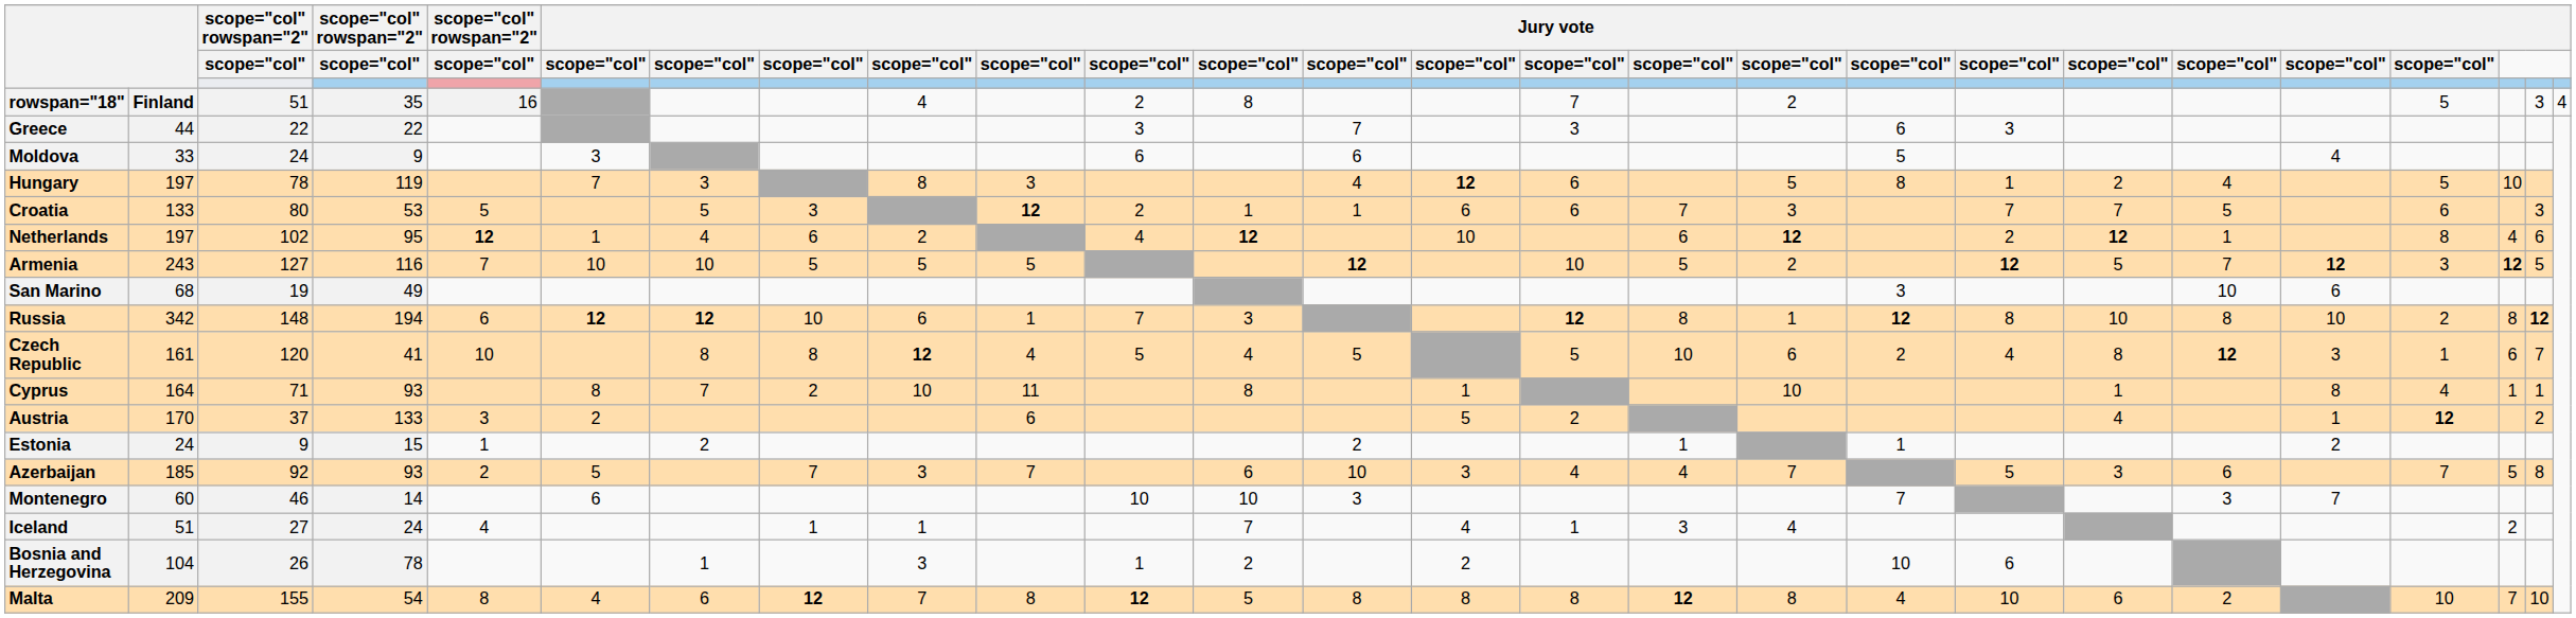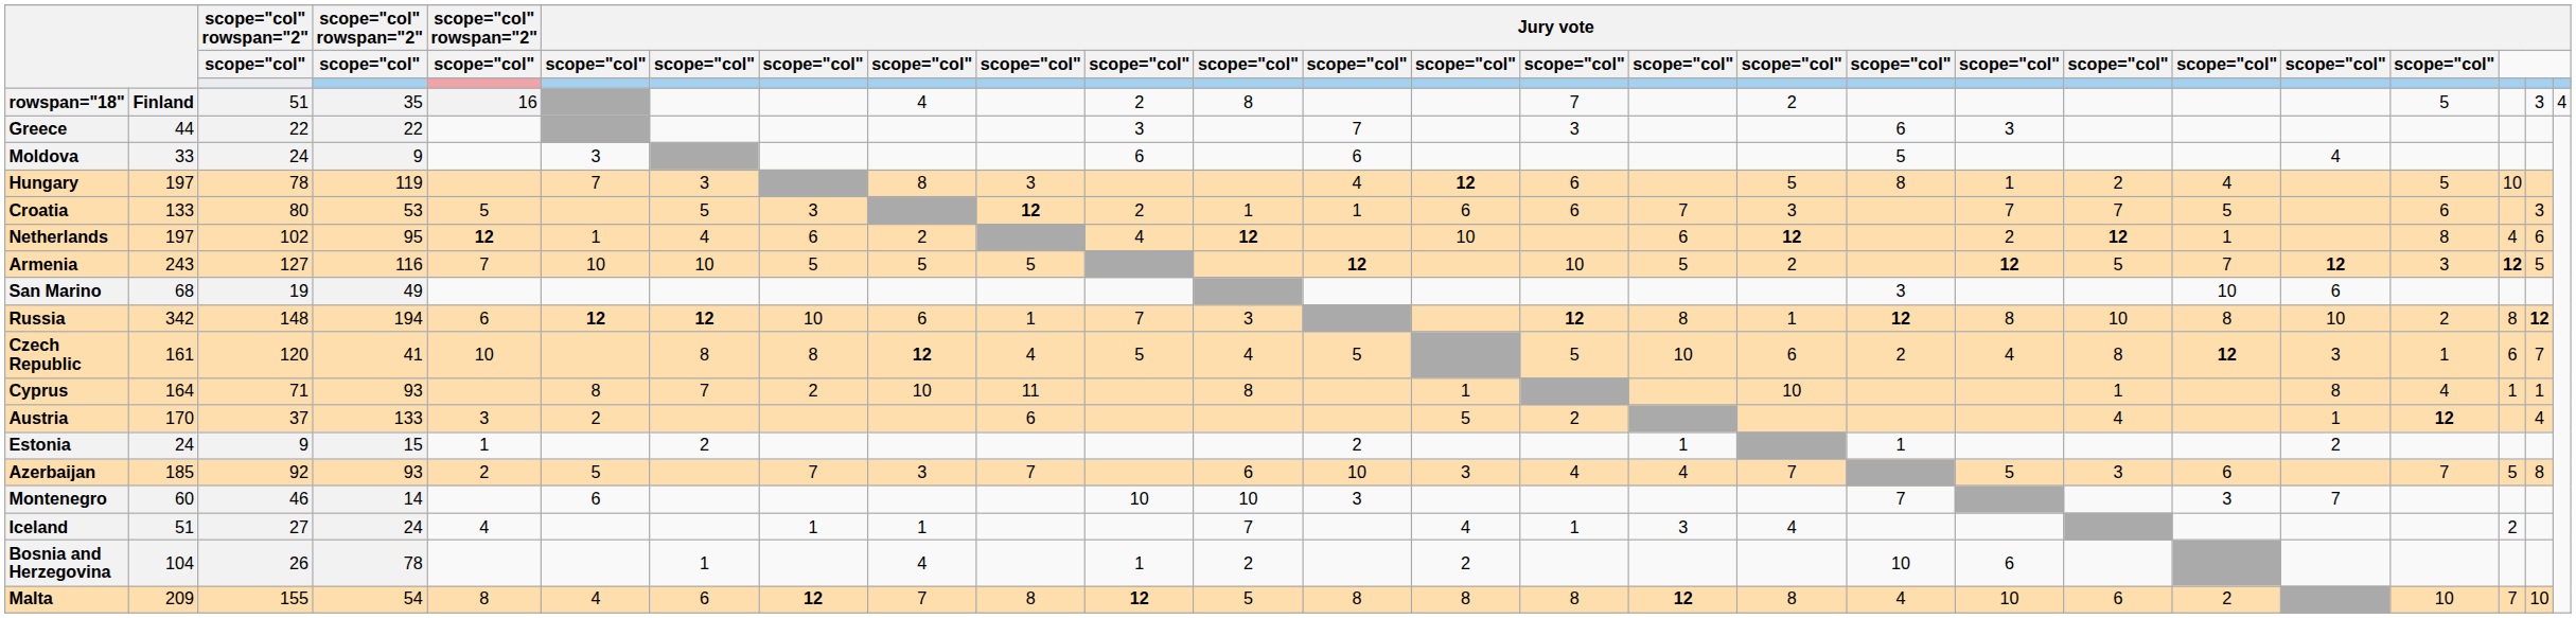 <table class="wikitable plainrowheaders" style="text-align:center; font-size:85%;">
 <tr>
 </tr>
 <tr>
 <td colspan="2" rowspan="3" style="background: #F2F2F2;"></td>
 <th>scope="col" rowspan="2" </th>
 <th>scope="col" rowspan="2" </th>
 <th>scope="col" rowspan="2" </th>
 <th scope="col" colspan="21">Jury vote</th>
 </tr>
 <tr>
 <th>scope="col" </th>
 <th>scope="col" </th>
 <th>scope="col" </th>
 <th>scope="col" </th>
 <th>scope="col" </th>
 <th>scope="col" </th>
 <th>scope="col" </th>
 <th>scope="col" </th>
 <th>scope="col" </th>
 <th>scope="col" </th>
 <th>scope="col" </th>
 <th>scope="col" </th>
 <th>scope="col" </th>
 <th>scope="col" </th>
 <th>scope="col" </th>
 <th>scope="col" </th>
 <th>scope="col" </th>
 <th>scope="col" </th>
 <th>scope="col" </th>
 <th>scope="col" </th>
 <th>scope="col" </th>
 </tr>
 <tr>
 <td style="height:2px; background:#eaecf0; border-top:1px solid transparent;"></td>
 <td style="background:#A4D1EF;"></td>
 <td style="background:#EFA4A9;"></td>
 <th style="background:#A4D1EF;"></th>
 <th style="background:#A4D1EF;"></th>
 <th style="background:#A4D1EF;"></th>
 <th style="background:#A4D1EF;"></th>
 <th style="background:#A4D1EF;"></th>
 <th style="background:#A4D1EF;"></th>
 <th style="background:#A4D1EF;"></th>
 <th style="background:#A4D1EF;"></th>
 <th style="background:#A4D1EF;"></th>
 <th style="background:#A4D1EF;"></th>
 <th style="background:#A4D1EF;"></th>
 <th style="background:#A4D1EF;"></th>
 <th style="background:#A4D1EF;"></th>
 <th style="background:#A4D1EF;"></th>
 <th style="background:#A4D1EF;"></th>
 <th style="background:#A4D1EF;"></th>
 <th style="background:#A4D1EF;"></th>
 <th style="background:#A4D1EF;"></th>
 <th style="background:#A4D1EF;"></th>
 <th style="background:#A4D1EF;"></th>
 <th style="background:#A4D1EF;"></th>
 </tr>
 <tr>
 <th>rowspan="18" </th>
 <th scope="row" style="text-align:left; background:#f2f2f2;">Finland</th>
 <td style="text-align:right; background:#f2f2f2;">51</td>
 <td style="text-align:right; background:#f2f2f2;">35</td>
 <td style="text-align:right; background:#f2f2f2;">16</td>
 <td style="background:#AAAAAA;"></td>
 <td></td>
 <td></td>
 <td>4</td>
 <td></td>
 <td>2</td>
 <td>8</td>
 <td></td>
 <td></td>
 <td>7</td>
 <td></td>
 <td>2</td>
 <td></td>
 <td></td>
 <td></td>
 <td></td>
 <td></td>
 <td>5</td>
 <td></td>
 <td>3</td>
 <td>4</td>
 </tr>
 <tr>
 <th scope="row" style="text-align:left; background:#f2f2f2;">Greece</th>
 <td style="text-align:right; background:#f2f2f2;">44</td>
 <td style="text-align:right; background:#f2f2f2;">22</td>
 <td style="text-align:right; background:#f2f2f2;">22</td>
 <td></td>
 <td style="background:#AAAAAA;"></td>
 <td></td>
 <td></td>
 <td></td>
 <td></td>
 <td>3</td>
 <td></td>
 <td>7</td>
 <td></td>
 <td>3</td>
 <td></td>
 <td></td>
 <td>6</td>
 <td>3</td>
 <td></td>
 <td></td>
 <td></td>
 <td></td>
 <td></td>
 <td></td>
 </tr>
 <tr>
 <th scope="row" style="text-align:left; background:#f2f2f2;">Moldova</th>
 <td style="text-align:right; background:#f2f2f2;">33</td>
 <td style="text-align:right; background:#f2f2f2;">24</td>
 <td style="text-align:right; background:#f2f2f2;">9</td>
 <td></td>
 <td>3</td>
 <td style="background:#AAAAAA;"></td>
 <td></td>
 <td></td>
 <td></td>
 <td>6</td>
 <td></td>
 <td>6</td>
 <td></td>
 <td></td>
 <td></td>
 <td></td>
 <td>5</td>
 <td></td>
 <td></td>
 <td></td>
 <td>4</td>
 <td></td>
 <td></td>
 <td></td>
 </tr>
 <tr style="background:#ffdead;">
 <td scope="row" style="text-align:left; font-weight:bold; background:#ffdead;">Hungary</td>
 <td style="text-align:right;">197</td>
 <td style="text-align:right;">78</td>
 <td style="text-align:right;">119</td>
 <td></td>
 <td>7</td>
 <td>3</td>
 <td style="background:#AAAAAA;"></td>
 <td>8</td>
 <td>3</td>
 <td></td>
 <td></td>
 <td>4</td>
 <td><strong>12</strong></td>
 <td>6</td>
 <td></td>
 <td>5</td>
 <td>8</td>
 <td>1</td>
 <td>2</td>
 <td>4</td>
 <td></td>
 <td>5</td>
 <td>10</td>
 <td></td>
 </tr>
 <tr style="background:#ffdead;">
 <td scope="row" style="text-align:left; font-weight:bold; background:#ffdead;">Croatia</td>
 <td style="text-align:right;">133</td>
 <td style="text-align:right;">80</td>
 <td style="text-align:right;">53</td>
 <td>5</td>
 <td></td>
 <td>5</td>
 <td>3</td>
 <td style="background:#AAAAAA;"></td>
 <td><strong>12</strong></td>
 <td>2</td>
 <td>1</td>
 <td>1</td>
 <td>6</td>
 <td>6</td>
 <td>7</td>
 <td>3</td>
 <td></td>
 <td>7</td>
 <td>7</td>
 <td>5</td>
 <td></td>
 <td>6</td>
 <td></td>
 <td>3</td>
 </tr>
 <tr style="background:#ffdead;">
 <td scope="row" style="text-align:left; font-weight:bold; background:#ffdead;">Netherlands</td>
 <td style="text-align:right;">197</td>
 <td style="text-align:right;">102</td>
 <td style="text-align:right;">95</td>
 <td><strong>12</strong></td>
 <td>1</td>
 <td>4</td>
 <td>6</td>
 <td>2</td>
 <td style="background:#AAAAAA;"></td>
 <td>4</td>
 <td><strong>12</strong></td>
 <td></td>
 <td>10</td>
 <td></td>
 <td>6</td>
 <td><strong>12</strong></td>
 <td></td>
 <td>2</td>
 <td><strong>12</strong></td>
 <td>1</td>
 <td></td>
 <td>8</td>
 <td>4</td>
 <td>6</td>
 </tr>
 <tr style="background:#ffdead;">
 <td scope="row" style="text-align:left; font-weight:bold; background:#ffdead;">Armenia</td>
 <td style="text-align:right;">243</td>
 <td style="text-align:right;">127</td>
 <td style="text-align:right;">116</td>
 <td>7</td>
 <td>10</td>
 <td>10</td>
 <td>5</td>
 <td>5</td>
 <td>5</td>
 <td style="background:#AAAAAA;"></td>
 <td></td>
 <td><strong>12</strong></td>
 <td></td>
 <td>10</td>
 <td>5</td>
 <td>2</td>
 <td></td>
 <td><strong>12</strong></td>
 <td>5</td>
 <td>7</td>
 <td><strong>12</strong></td>
 <td>3</td>
 <td><strong>12</strong></td>
 <td>5</td>
 </tr>
 <tr>
 <th scope="row" style="text-align:left; background:#f2f2f2;">San Marino</th>
 <td style="text-align:right; background:#f2f2f2;">68</td>
 <td style="text-align:right; background:#f2f2f2;">19</td>
 <td style="text-align:right; background:#f2f2f2;">49</td>
 <td></td>
 <td></td>
 <td></td>
 <td></td>
 <td></td>
 <td></td>
 <td></td>
 <td style="background:#AAAAAA;"></td>
 <td></td>
 <td></td>
 <td></td>
 <td></td>
 <td></td>
 <td>3</td>
 <td></td>
 <td></td>
 <td>10</td>
 <td>6</td>
 <td></td>
 <td></td>
 <td></td>
 </tr>
 <tr style="background:#ffdead;">
 <td scope="row" style="text-align:left; font-weight:bold; background:#ffdead;">Russia</td>
 <td style="text-align:right;">342</td>
 <td style="text-align:right;">148</td>
 <td style="text-align:right;">194</td>
 <td>6</td>
 <td><strong>12</strong></td>
 <td><strong>12</strong></td>
 <td>10</td>
 <td>6</td>
 <td>1</td>
 <td>7</td>
 <td>3</td>
 <td style="background:#AAAAAA;"></td>
 <td></td>
 <td><strong>12</strong></td>
 <td>8</td>
 <td>1</td>
 <td><strong>12</strong></td>
 <td>8</td>
 <td>10</td>
 <td>8</td>
 <td>10</td>
 <td>2</td>
 <td>8</td>
 <td><strong>12</strong></td>
 </tr>
 <tr style="background:#ffdead;">
 <td scope="row" style="text-align:left; font-weight:bold; background:#ffdead;">Czech Republic</td>
 <td style="text-align:right;">161</td>
 <td style="text-align:right;">120</td>
 <td style="text-align:right;">41</td>
 <td>10</td>
 <td></td>
 <td>8</td>
 <td>8</td>
 <td><strong>12</strong></td>
 <td>4</td>
 <td>5</td>
 <td>4</td>
 <td>5</td>
 <td style="background:#AAAAAA;"></td>
 <td>5</td>
 <td>10</td>
 <td>6</td>
 <td>2</td>
 <td>4</td>
 <td>8</td>
 <td><strong>12</strong></td>
 <td>3</td>
 <td>1</td>
 <td>6</td>
 <td>7</td>
 </tr>
 <tr style="background:#ffdead;">
 <td scope="row" style="text-align:left; font-weight:bold; background:#ffdead;">Cyprus</td>
 <td style="text-align:right;">164</td>
 <td style="text-align:right;">71</td>
 <td style="text-align:right;">93</td>
 <td></td>
 <td>8</td>
 <td>7</td>
 <td>2</td>
 <td>10</td>
 <td>11</td>
 <td></td>
 <td>8</td>
 <td></td>
 <td>1</td>
 <td style="background:#AAAAAA;"></td>
 <td></td>
 <td>10</td>
 <td></td>
 <td></td>
 <td>1</td>
 <td></td>
 <td>8</td>
 <td>4</td>
 <td>1</td>
 <td>1</td>
 </tr>
 <tr style="background:#ffdead;">
 <td scope="row" style="text-align:left; font-weight:bold; background:#ffdead;">Austria</td>
 <td style="text-align:right;">170</td>
 <td style="text-align:right;">37</td>
 <td style="text-align:right;">133</td>
 <td>3</td>
 <td>2</td>
 <td></td>
 <td></td>
 <td></td>
 <td>6</td>
 <td></td>
 <td></td>
 <td></td>
 <td>5</td>
 <td>2</td>
 <td style="background:#AAAAAA;"></td>
 <td></td>
 <td></td>
 <td></td>
 <td>4</td>
 <td></td>
 <td>1</td>
 <td><strong>12</strong></td>
 <td></td>
-<td>2</td>
+<td>4</td>
 </tr>
 <tr>
 <th scope="row" style="text-align:left; background:#f2f2f2;">Estonia</th>
 <td style="text-align:right; background:#f2f2f2;">24</td>
 <td style="text-align:right; background:#f2f2f2;">9</td>
 <td style="text-align:right; background:#f2f2f2;">15</td>
 <td>1</td>
 <td></td>
 <td>2</td>
 <td></td>
 <td></td>
 <td></td>
 <td></td>
 <td></td>
 <td>2</td>
 <td></td>
 <td></td>
 <td>1</td>
 <td style="background:#AAAAAA;"></td>
 <td>1</td>
 <td></td>
 <td></td>
 <td></td>
 <td>2</td>
 <td></td>
 <td></td>
 <td></td>
 </tr>
 <tr style="background:#ffdead;">
 <td scope="row" style="text-align:left; font-weight:bold; background:#ffdead;">Azerbaijan</td>
 <td style="text-align:right;">185</td>
 <td style="text-align:right;">92</td>
 <td style="text-align:right;">93</td>
 <td>2</td>
 <td>5</td>
 <td></td>
 <td>7</td>
 <td>3</td>
 <td>7</td>
 <td></td>
 <td>6</td>
 <td>10</td>
 <td>3</td>
 <td>4</td>
 <td>4</td>
 <td>7</td>
 <td style="background:#AAAAAA;"></td>
 <td>5</td>
 <td>3</td>
 <td>6</td>
 <td></td>
 <td>7</td>
 <td>5</td>
 <td>8</td>
 </tr>
 <tr>
 <th scope="row" style="text-align:left; background:#f2f2f2;">Montenegro</th>
 <td style="text-align:right; background:#f2f2f2;">60</td>
 <td style="text-align:right; background:#f2f2f2;">46</td>
 <td style="text-align:right; background:#f2f2f2;">14</td>
 <td></td>
 <td>6</td>
 <td></td>
 <td></td>
 <td></td>
 <td></td>
 <td>10</td>
 <td>10</td>
 <td>3</td>
 <td></td>
 <td></td>
 <td></td>
 <td></td>
 <td>7</td>
 <td style="background:#AAAAAA;"></td>
 <td></td>
 <td>3</td>
 <td>7</td>
 <td></td>
 <td></td>
 <td></td>
 </tr>
 <tr>
 <th scope="row" style="text-align:left; background:#f2f2f2;">Iceland</th>
 <td style="text-align:right; background:#f2f2f2;">51</td>
 <td style="text-align:right; background:#f2f2f2;">27</td>
 <td style="text-align:right; background:#f2f2f2;">24</td>
 <td>4</td>
 <td></td>
 <td></td>
 <td>1</td>
 <td>1</td>
 <td></td>
 <td></td>
 <td>7</td>
 <td></td>
 <td>4</td>
 <td>1</td>
 <td>3</td>
 <td>4</td>
 <td></td>
 <td></td>
 <td style="background:#AAAAAA;"></td>
 <td></td>
 <td></td>
 <td></td>
 <td>2</td>
 <td></td>
 </tr>
 <tr>
 <th scope="row" style="text-align:left; background:#f2f2f2;">Bosnia and Herzegovina</th>
 <td style="text-align:right; background:#f2f2f2;">104</td>
 <td style="text-align:right; background:#f2f2f2;">26</td>
 <td style="text-align:right; background:#f2f2f2;">78</td>
 <td></td>
 <td></td>
 <td>1</td>
 <td></td>
-<td>3</td>
+<td>4</td>
 <td></td>
 <td>1</td>
 <td>2</td>
 <td></td>
 <td>2</td>
 <td></td>
 <td></td>
 <td></td>
 <td>10</td>
 <td>6</td>
 <td></td>
 <td style="background:#AAAAAA;"></td>
 <td></td>
 <td></td>
 <td></td>
 <td></td>
 </tr>
 <tr style="background:#ffdead;">
 <td scope="row" style="text-align:left; font-weight:bold; background:#ffdead;">Malta</td>
 <td style="text-align:right;">209</td>
 <td style="text-align:right;">155</td>
 <td style="text-align:right;">54</td>
 <td>8</td>
 <td>4</td>
 <td>6</td>
 <td><strong>12</strong></td>
 <td>7</td>
 <td>8</td>
 <td><strong>12</strong></td>
 <td>5</td>
 <td>8</td>
 <td>8</td>
 <td>8</td>
 <td><strong>12</strong></td>
 <td>8</td>
 <td>4</td>
 <td>10</td>
 <td>6</td>
 <td>2</td>
 <td style="background:#AAAAAA;"></td>
 <td>10</td>
 <td>7</td>
 <td>10</td>
 </tr>
 </table>
